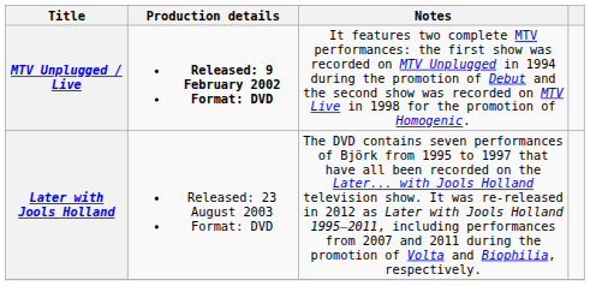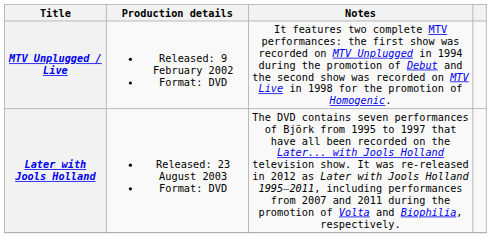 <table class="wikitable sortable plainrowheaders" style="text-align:center;">
 <tr>
 <th scope="col" style="width:15em;">Title</th>
 <th scope="col" style="width:20em;" class="unsortable">Production details</th>
 <th scope="col" style="width:40em;" class="unsortable">Notes</th>
 <th scope="col" style="width:2em;" class="unsortable"></th>
 </tr>
 <tr>
 <th scope="row"><em><a href='#'>MTV Unplugged / Live</a></em></th>
-<td><strong><br><ul><li>Released: 9 February 2002</li><li>Format: DVD</li></ul></strong></td>
+<td><br><ul><li>Released: 9 February 2002</li><li>Format: DVD</li></ul></td>
 <td>It features two complete <a href='#'>MTV</a> performances: the first show was recorded on <em><a href='#'>MTV Unplugged</a></em> in 1994 during the promotion of <em><a href='#'>Debut</a></em> and the second show was recorded on <em><a href='#'>MTV Live</a></em> in 1998 for the promotion of <em><a href='#'>Homogenic</a></em>.</td>
 <td><br></td>
 </tr>
 <tr>
 <th scope="row"><em><a href='#'>Later with Jools Holland</a></em></th>
 <td><br><ul><li>Released: 23 August 2003</li><li>Format: DVD</li></ul></td>
 <td>The DVD contains seven performances of Björk from 1995 to 1997 that have all been recorded on the <em><a href='#'>Later... with Jools Holland</a></em> television show. It was re-released in 2012 as <em>Later with Jools Holland 1995–2011</em>, including performances from 2007 and 2011 during the promotion of <em><a href='#'>Volta</a></em> and <em><a href='#'>Biophilia</a></em>, respectively.</td>
 <td><br></td>
 </tr>
 <tr>
 </tr>
 </table>
